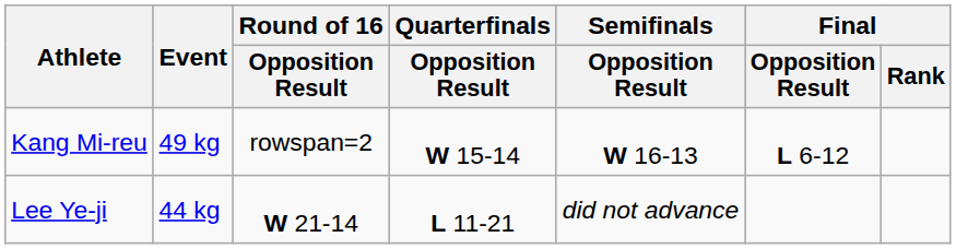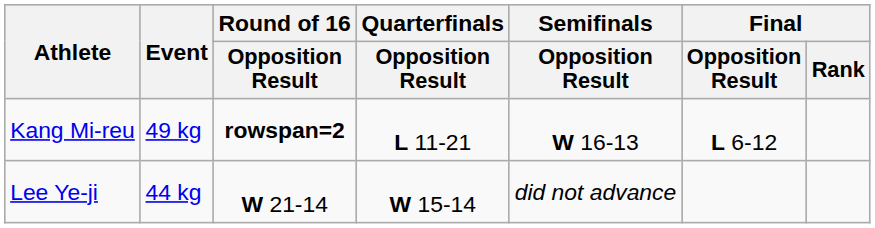 <table class="wikitable" style="text-align:center;font-size:90%">
 <tr>
 <th rowspan=2>Athlete</th>
 <th rowspan=2>Event</th>
 <th>Round of 16</th>
 <th>Quarterfinals</th>
 <th>Semifinals</th>
 <th colspan=2>Final</th>
 </tr>
 <tr style="font-size:95%">
 <th>Opposition<br>Result</th>
 <th>Opposition<br>Result</th>
 <th>Opposition<br>Result</th>
 <th>Opposition<br>Result</th>
 <th>Rank</th>
 </tr>
 <tr>
 <td align=left><a href='#'>Kang Mi-reu</a></td>
 <td align=left><a href='#'>49 kg</a></td>
-<td>rowspan=2 </td>
-<td><br> <strong>W</strong> 15-14</td>
+<td><strong>rowspan=2 </strong></td>
+<td><br> <strong>L</strong> 11-21</td>
 <td><br> <strong>W</strong> 16-13</td>
 <td><br> <strong>L</strong> 6-12</td>
 <td></td>
 </tr>
 <tr>
 <td align=left><a href='#'>Lee Ye-ji</a></td>
 <td align=left><a href='#'>44 kg</a></td>
 <td><br> <strong>W</strong> 21-14</td>
-<td><br> <strong>L</strong> 11-21</td>
+<td><br> <strong>W</strong> 15-14</td>
 <td><em>did not advance</em></td>
 <td></td>
 </tr>
 </table>
